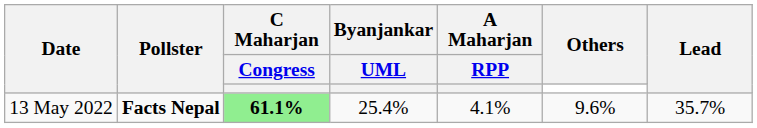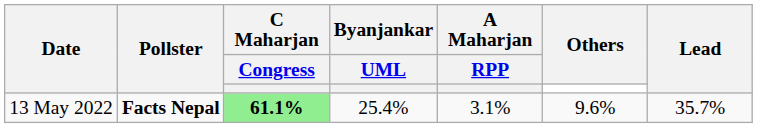 <table class="wikitable sortable" style="text-align:center;font-size:95%;line-height:16px">
 <tr>
 <th rowspan="3">Date</th>
 <th rowspan="3">Pollster</th>
 <th style="width:75px;">C Maharjan</th>
 <th style="width:75px;">Byanjankar</th>
 <th style="width:75px;">A Maharjan</th>
 <th rowspan="2" style="width:75px;">Others</th>
 <th rowspan="3" style="width:75px;">Lead</th>
 </tr>
 <tr>
 <th><a href='#'>Congress</a></th>
 <th><a href='#'>UML</a></th>
 <th><a href='#'>RPP</a></th>
 </tr>
 <tr>
 <th style="background:"></th>
 <th style="background:"></th>
 <th style="background:"></th>
 <th style="background:white"></th>
 </tr>
 <tr>
 <td>13 May 2022</td>
 <td><strong>Facts Nepal</strong></td>
 <td style="background:lightgreen;"><strong>61.1%</strong></td>
 <td>25.4%</td>
-<td>4.1%</td>
+<td>3.1%</td>
 <td>9.6%</td>
 <td style="background:">35.7%</td>
 </tr>
 </table>
